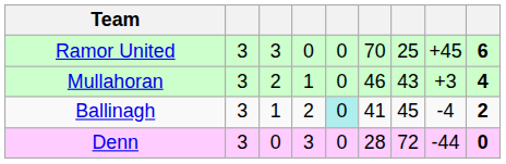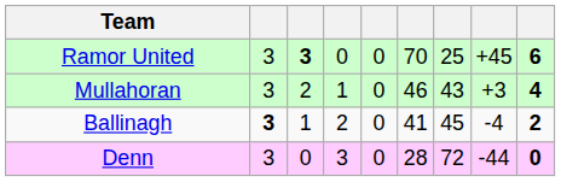 <table class="wikitable" style="text-align:center">
 <tr>
 <th style="width:175px;">Team</th>
 <th width="20"></th>
 <th width="20"></th>
 <th width="20"></th>
 <th width="20"></th>
 <th width="20"></th>
 <th width="20"></th>
 <th width="20"></th>
 <th width="20"></th>
 </tr>
 <tr style="background:#cfc;">
 <td><a href='#'>Ramor United</a></td>
 <td>3</td>
-<td>3</td>
+<td><strong>3</strong></td>
 <td>0</td>
 <td>0</td>
 <td>70</td>
 <td>25</td>
 <td>+45</td>
 <td><strong>6</strong></td>
 </tr>
 <tr style="background:#cfc;">
 <td><a href='#'>Mullahoran</a></td>
 <td>3</td>
 <td>2</td>
 <td>1</td>
 <td>0</td>
 <td>46</td>
 <td>43</td>
 <td>+3</td>
 <td><strong>4</strong></td>
 </tr>
 <tr>
 <td><a href='#'>Ballinagh</a></td>
-<td>3</td>
+<td><strong>3</strong></td>
 <td>1</td>
 <td>2</td>
-<td style="background: paleturquoise;">0</td>
+<td>0</td>
 <td>41</td>
 <td>45</td>
 <td>-4</td>
 <td><strong>2</strong></td>
 </tr>
 <tr style="background:#fcf;">
 <td><a href='#'>Denn</a></td>
 <td>3</td>
 <td>0</td>
 <td>3</td>
 <td>0</td>
 <td>28</td>
 <td>72</td>
 <td>-44</td>
 <td><strong>0</strong></td>
 </tr>
 </table>
